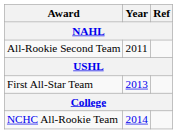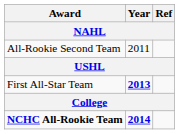 <table class="wikitable">
 <tr>
 <th>Award</th>
 <th>Year</th>
 <th>Ref</th>
 </tr>
 <tr>
 <th colspan="3"><a href='#'>NAHL</a></th>
 </tr>
 <tr>
 <td>All-Rookie Second Team</td>
 <td>2011</td>
 <td></td>
 </tr>
 <tr>
 <th colspan="3"><a href='#'>USHL</a></th>
 </tr>
 <tr>
 <td>First All-Star Team</td>
-<td><a href='#'>2013</a></td>
+<td><strong><a href='#'>2013</a></strong></td>
 <td></td>
 </tr>
 <tr>
 <th colspan="3"><a href='#'>College</a></th>
 </tr>
 <tr>
-<td><a href='#'>NCHC</a> All-Rookie Team</td>
-<td><a href='#'>2014</a></td>
+<td><strong><a href='#'>NCHC</a> All-Rookie Team</strong></td>
+<td><strong><a href='#'>2014</a></strong></td>
 <td></td>
 </tr>
 </table>
